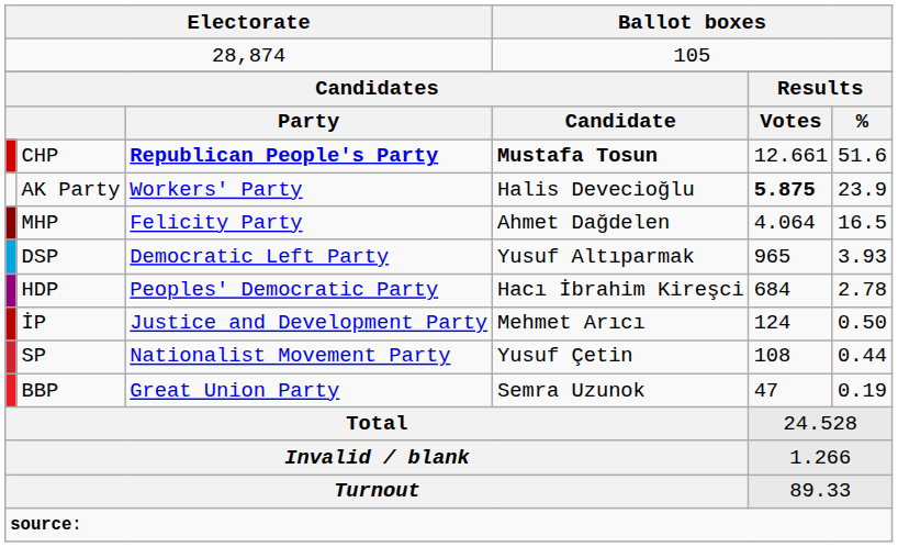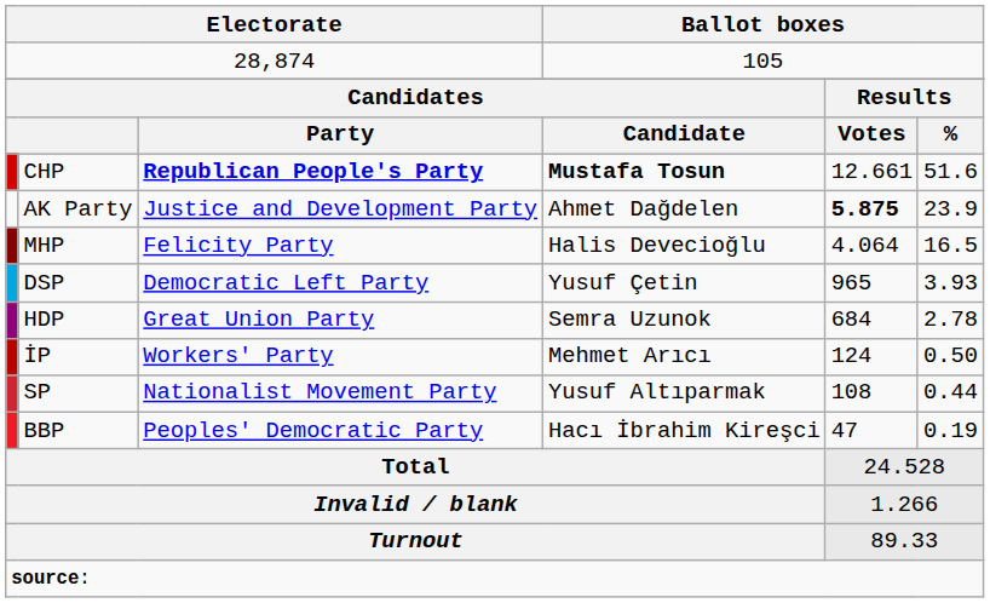 <table class="wikitable">
 <tr style="background-color:#F2F2F2">
 <td align="center" colspan="3"><strong>Electorate</strong></td>
 <td align="center" colspan="7"><strong>Ballot boxes</strong></td>
 </tr>
 <tr align="left">
 <td align="center" colspan="3">28,874</td>
 <td align="center" colspan="7">105</td>
 </tr>
 <tr>
 </tr>
 <tr style="background-color:#E9E9E9">
 </tr>
 <tr>
 <th align="center" colspan="4">Candidates</th>
 <th align="center" colspan="6">Results</th>
 </tr>
 <tr style="background-color:#E9E9E9">
 <th align="center" colspan="2"></th>
 <th align="center">Party</th>
 <th align="center">Candidate</th>
 <th align="center">Votes</th>
 <th align="center">%</th>
 </tr>
 <tr align="left">
 <td bgcolor="#d50000" width=1></td>
 <td>CHP</td>
 <td><strong><a href='#'>Republican People's Party</a></strong></td>
 <td><strong>Mustafa Tosun</strong></td>
 <td>12.661</td>
 <td>51.6</td>
 </tr>
 <tr align="left">
 <td></td>
 <td>AK Party</td>
-<td><a href='#'>Workers' Party</a></td>
-<td>Halis Devecioğlu</td>
+<td><a href='#'>Justice and Development Party</a></td>
+<td>Ahmet Dağdelen</td>
 <td><strong>5.875</strong></td>
 <td>23.9</td>
 </tr>
 <tr align="left">
 <td bgcolor="#870000" width=1></td>
 <td>MHP</td>
 <td><a href='#'>Felicity Party</a></td>
-<td>Ahmet Dağdelen</td>
+<td>Halis Devecioğlu</td>
 <td>4.064</td>
 <td>16.5</td>
 </tr>
 <tr align="left">
 <td bgcolor="#01A7E1" width=1></td>
 <td>DSP</td>
 <td><a href='#'>Democratic Left Party</a></td>
-<td>Yusuf Altıparmak</td>
+<td>Yusuf Çetin</td>
 <td>965</td>
 <td>3.93</td>
 </tr>
 <tr align="left">
 <td bgcolor="#91007B" width=1></td>
 <td>HDP</td>
-<td><a href='#'>Peoples' Democratic Party</a></td>
-<td>Hacı İbrahim Kireşci</td>
+<td><a href='#'>Great Union Party</a></td>
+<td>Semra Uzunok</td>
 <td>684</td>
 <td>2.78</td>
 </tr>
 <tr align="left">
 <td bgcolor="#BB0000" width=1></td>
 <td>İP</td>
-<td><a href='#'>Justice and Development Party</a></td>
+<td><a href='#'>Workers' Party</a></td>
 <td>Mehmet Arıcı</td>
 <td>124</td>
 <td>0.50</td>
 </tr>
 <tr align="left">
 <td bgcolor="#D02433" width=1></td>
 <td>SP</td>
 <td><a href='#'>Nationalist Movement Party</a></td>
-<td>Yusuf Çetin</td>
+<td>Yusuf Altıparmak</td>
 <td>108</td>
 <td>0.44</td>
 </tr>
 <tr align="left">
 <td bgcolor="#ED1C24" width=1></td>
 <td>BBP</td>
-<td><a href='#'>Great Union Party</a></td>
-<td>Semra Uzunok</td>
+<td><a href='#'>Peoples' Democratic Party</a></td>
+<td>Hacı İbrahim Kireşci</td>
 <td>47</td>
 <td>0.19</td>
 </tr>
 <tr style="background-color:#E9E9E9" align="left">
 <th align="center" colspan="4"><strong>Total</strong></th>
 <td align="center" colspan="5">24.528</td>
 </tr>
 <tr style="background-color:#E9E9E9" align="left">
 <th align="center" colspan="4"><em>Invalid / blank</em></th>
 <td align="center" colspan="5">1.266</td>
 </tr>
 <tr style="background-color:#E9E9E9" align="left">
 <th align="center" colspan="4"><em>Turnout</em></th>
 <td align="center" colspan="5">89.33</td>
 </tr>
 <tr>
 <td align="left" colspan=10><small><strong>source</strong>: </small></td>
 </tr>
 </table>
